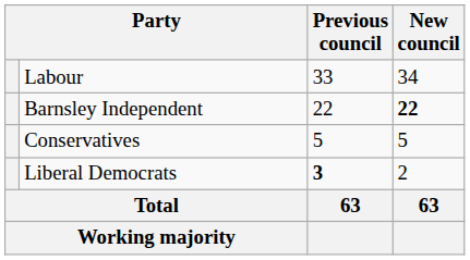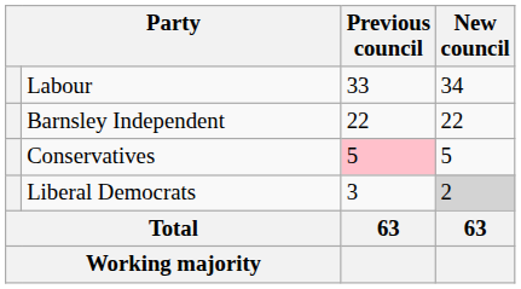 <table class="wikitable">
 <tr>
 <th valign=top colspan="2" style="width: 230px">Party</th>
 <th valign=top style="width: 30px">Previous council</th>
 <th valign=top style="width: 30px">New council</th>
 </tr>
 <tr>
 <th style="background-color: "></th>
 <td>Labour</td>
 <td>33</td>
 <td>34</td>
 </tr>
 <tr>
 <th style="background-color: "></th>
 <td>Barnsley Independent</td>
 <td>22</td>
-<td><strong>22</strong></td>
+<td>22</td>
 </tr>
 <tr>
 <th style="background-color: "></th>
 <td>Conservatives</td>
-<td>5</td>
+<td style="background: pink;">5</td>
 <td>5</td>
 </tr>
 <tr>
 <th style="background-color: "></th>
 <td>Liberal Democrats</td>
-<td><strong>3</strong></td>
-<td>2</td>
+<td>3</td>
+<td style="background: lightgrey;">2</td>
 </tr>
 <tr>
 <th colspan=2>Total</th>
 <th style="text-align: center">63</th>
 <th colspan=3>63</th>
 </tr>
 <tr>
 <th colspan=2>Working majority</th>
 <th></th>
 <th></th>
 </tr>
 </table>
